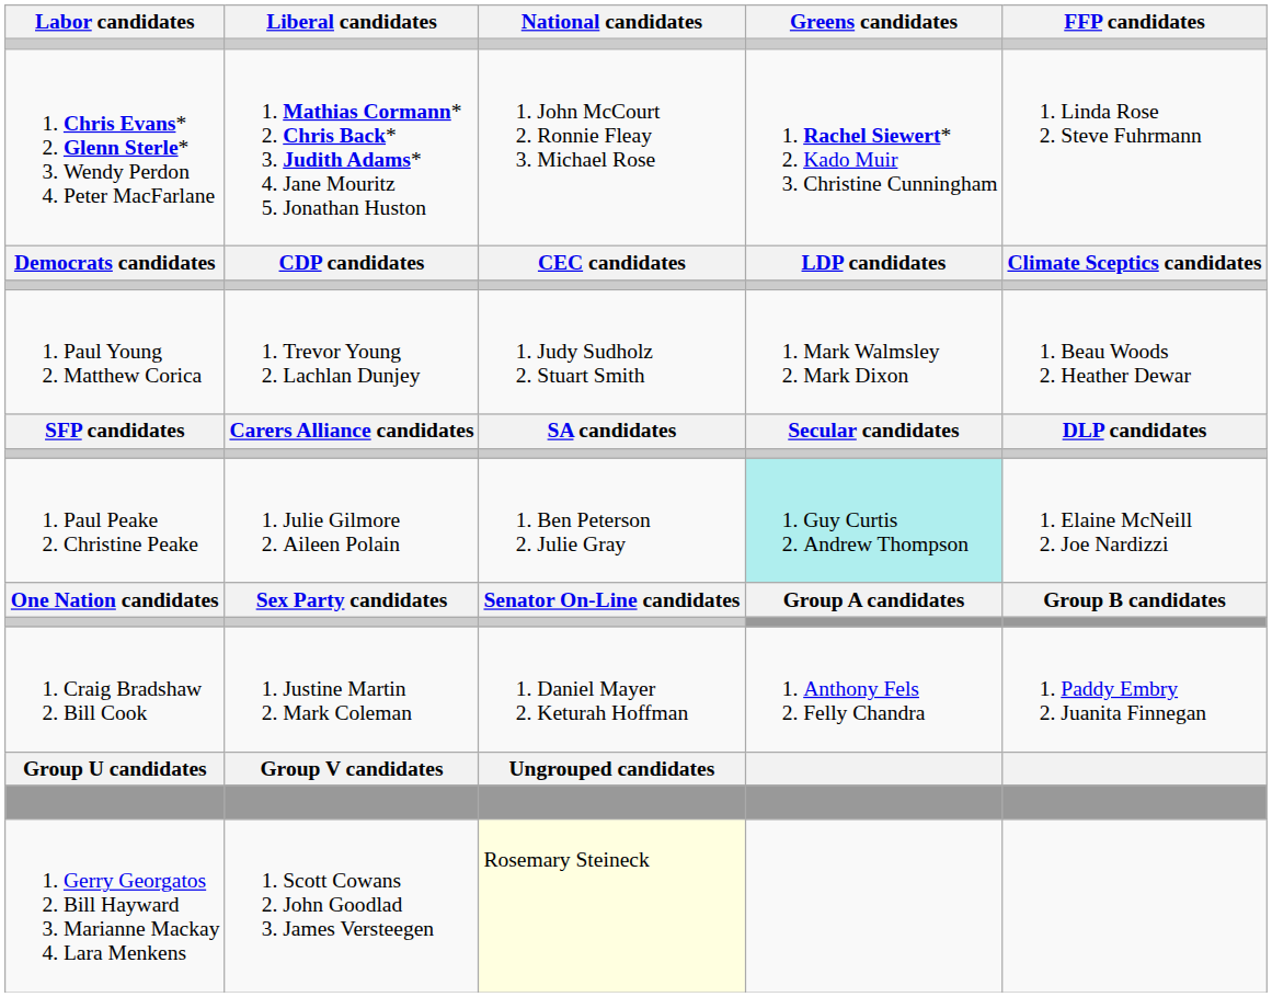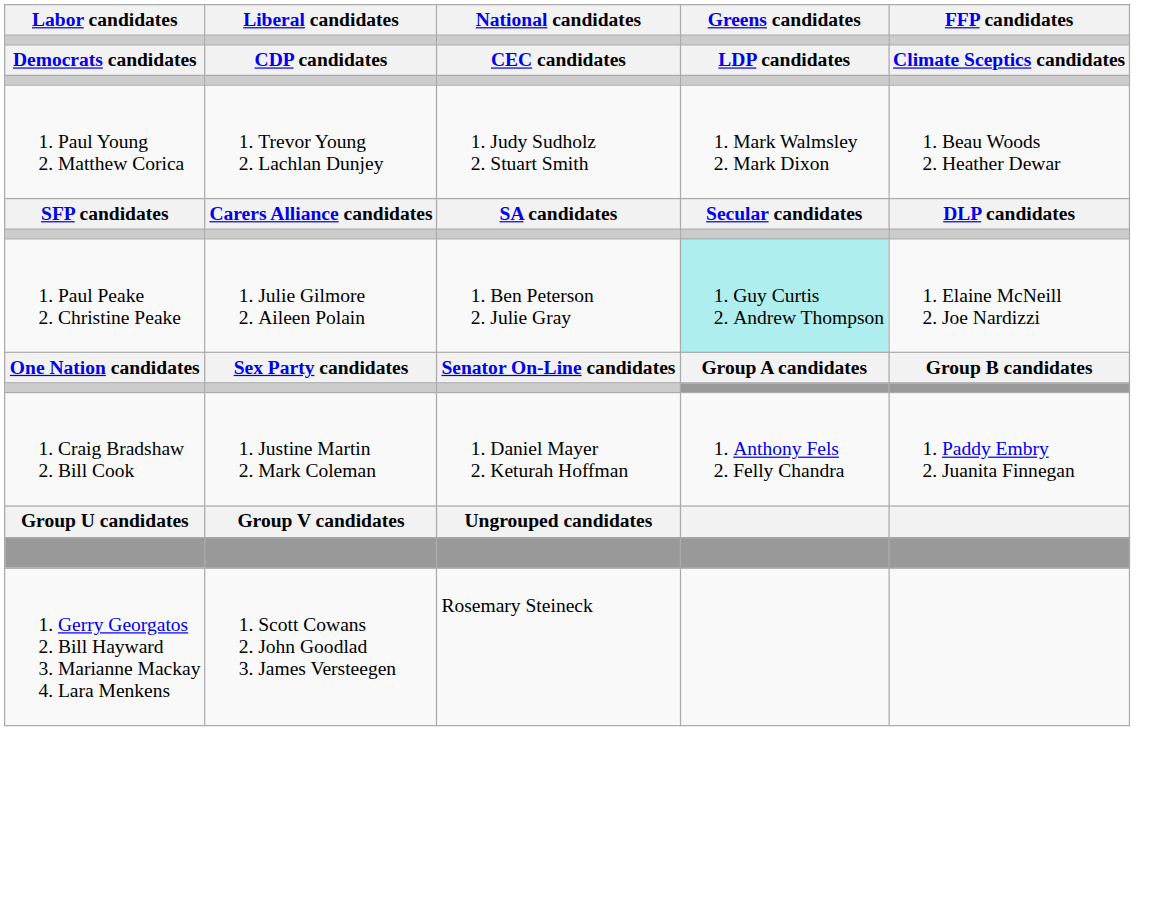 <table class="wikitable">
 <tr>
 <th><a href='#'>Labor</a> candidates</th>
 <th><a href='#'>Liberal</a> candidates</th>
 <th><a href='#'>National</a> candidates</th>
 <th><a href='#'>Greens</a> candidates</th>
 <th><a href='#'>FFP</a> candidates</th>
 </tr>
 <tr style="background:#ccc;">
 <td></td>
 <td></td>
 <td></td>
 <td></td>
 <td></td>
-</tr>
-<tr>
-<td><br><ol><li><strong><a href='#'>Chris Evans</a></strong>*</li><li><strong><a href='#'>Glenn Sterle</a></strong>*</li><li>Wendy Perdon</li><li>Peter MacFarlane</li></ol></td>
-<td><br><ol><li><strong><a href='#'>Mathias Cormann</a></strong>*</li><li><strong><a href='#'>Chris Back</a></strong>*</li><li><strong><a href='#'>Judith Adams</a></strong>*</li><li>Jane Mouritz</li><li>Jonathan Huston</li></ol></td>
-<td valign=top><br><ol><li>John McCourt</li><li>Ronnie Fleay</li><li>Michael Rose</li></ol></td>
-<td><br><ol><li><strong><a href='#'>Rachel Siewert</a></strong>*</li><li><a href='#'>Kado Muir</a></li><li>Christine Cunningham</li></ol></td>
-<td valign=top><br><ol><li>Linda Rose</li><li>Steve Fuhrmann</li></ol></td>
 </tr>
 <tr style="background:#ccc;">
 <th><a href='#'>Democrats</a> candidates</th>
 <th><a href='#'>CDP</a> candidates</th>
 <th><a href='#'>CEC</a> candidates</th>
 <th><a href='#'>LDP</a> candidates</th>
 <th><a href='#'>Climate Sceptics</a> candidates</th>
 </tr>
 <tr style="background:#ccc;">
 <td></td>
 <td></td>
 <td></td>
 <td></td>
 <td></td>
 </tr>
 <tr>
 <td valign=top><br><ol><li>Paul Young</li><li>Matthew Corica</li></ol></td>
 <td valign=top><br><ol><li>Trevor Young</li><li>Lachlan Dunjey</li></ol></td>
 <td valign=top><br><ol><li>Judy Sudholz</li><li>Stuart Smith</li></ol></td>
 <td valign=top><br><ol><li>Mark Walmsley</li><li>Mark Dixon</li></ol></td>
 <td valign=top><br><ol><li>Beau Woods</li><li>Heather Dewar</li></ol></td>
 </tr>
 <tr style="background:#ccc;">
 <th><a href='#'>SFP</a> candidates</th>
 <th><a href='#'>Carers Alliance</a> candidates</th>
 <th><a href='#'>SA</a> candidates</th>
 <th><a href='#'>Secular</a> candidates</th>
 <th><a href='#'>DLP</a> candidates</th>
 </tr>
 <tr style="background:#ccc;">
 <td></td>
 <td></td>
 <td></td>
 <td></td>
 <td></td>
 </tr>
 <tr>
 <td valign=top><br><ol><li>Paul Peake</li><li>Christine Peake</li></ol></td>
 <td valign=top><br><ol><li>Julie Gilmore</li><li>Aileen Polain</li></ol></td>
 <td valign=top><br><ol><li>Ben Peterson</li><li>Julie Gray</li></ol></td>
 <td valign=top style="background: paleturquoise;"><br><ol><li>Guy Curtis</li><li>Andrew Thompson</li></ol></td>
 <td valign=top><br><ol><li>Elaine McNeill</li><li>Joe Nardizzi</li></ol></td>
 </tr>
 <tr style="background:#ccc;">
 <th><a href='#'>One Nation</a> candidates</th>
 <th><a href='#'>Sex Party</a> candidates</th>
 <th><a href='#'>Senator On-Line</a> candidates</th>
 <th>Group A candidates</th>
 <th>Group B candidates</th>
 </tr>
 <tr style="background:#ccc;">
 <td></td>
 <td></td>
 <td></td>
 <td style="background:#999;"></td>
 <td style="background:#999;"></td>
 </tr>
 <tr>
 <td valign=top><br><ol><li>Craig Bradshaw</li><li>Bill Cook</li></ol></td>
 <td valign=top><br><ol><li>Justine Martin</li><li>Mark Coleman</li></ol></td>
 <td valign=top><br><ol><li>Daniel Mayer</li><li>Keturah Hoffman</li></ol></td>
 <td valign=top><br><ol><li><a href='#'>Anthony Fels</a></li><li>Felly Chandra</li></ol></td>
 <td valign=top><br><ol><li><a href='#'>Paddy Embry</a></li><li>Juanita Finnegan</li></ol></td>
 </tr>
 <tr style="background:#ccc;">
 <th>Group U candidates</th>
 <th>Group V candidates</th>
 <th>Ungrouped candidates</th>
 <th></th>
 <th></th>
 </tr>
 <tr style="background:#ccc; background:#999;">
 <td></td>
 <td style="background:#999;"></td>
 <td style="background:#999;"></td>
 <td style="background:#999;"></td>
 <td style="background:#999;"> </td>
 </tr>
 <tr>
 <td valign=top><br><ol><li><a href='#'>Gerry Georgatos</a></li><li>Bill Hayward</li><li>Marianne Mackay</li><li>Lara Menkens</li></ol></td>
 <td valign=top><br><ol><li>Scott Cowans</li><li>John Goodlad</li><li>James Versteegen</li></ol></td>
-<td valign=top style="background: lightyellow;"><br>Rosemary Steineck</td>
+<td valign=top><br>Rosemary Steineck</td>
 <td valign=top></td>
 <td valign=top></td>
 </tr>
 </table>
